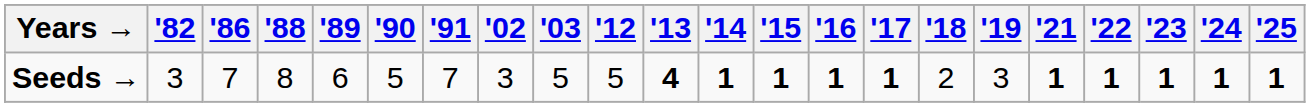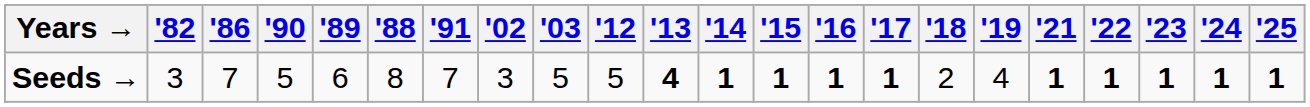 <table class="wikitable">
 <tr>
 <th>Years →</th>
 <th><a href='#'>'82</a></th>
 <th><a href='#'>'86</a></th>
+<th><a href='#'>'90</a></th>
+<th><a href='#'>'89</a></th>
 <th><a href='#'>'88</a></th>
-<th><a href='#'>'89</a></th>
-<th><a href='#'>'90</a></th>
 <th><a href='#'>'91</a></th>
 <th><a href='#'>'02</a></th>
 <th><a href='#'>'03</a></th>
 <th><a href='#'>'12</a></th>
 <th><a href='#'>'13</a></th>
 <th><a href='#'>'14</a></th>
 <th><a href='#'>'15</a></th>
 <th><a href='#'>'16</a></th>
 <th><a href='#'>'17</a></th>
 <th><a href='#'>'18</a></th>
 <th><a href='#'>'19</a></th>
 <th><a href='#'>'21</a></th>
 <th><a href='#'>'22</a></th>
 <th><a href='#'>'23</a></th>
 <th><a href='#'>'24</a></th>
 <th><a href='#'>'25</a></th>
 </tr>
 <tr align=center>
 <td style="text-align:left; "><strong>Seeds →</strong></td>
 <td>3</td>
 <td>7</td>
+<td>5</td>
+<td>6</td>
 <td>8</td>
-<td>6</td>
-<td>5</td>
 <td>7</td>
 <td>3</td>
 <td>5</td>
 <td>5</td>
 <td><strong>4</strong></td>
 <td><strong>1</strong></td>
 <td><strong>1</strong></td>
 <td><strong>1</strong></td>
 <td><strong>1</strong></td>
 <td>2</td>
-<td>3</td>
+<td>4</td>
 <td><strong>1</strong></td>
 <td><strong>1</strong></td>
 <td><strong>1</strong></td>
 <td><strong>1</strong></td>
 <td><strong>1</strong></td>
 </tr>
 </table>
